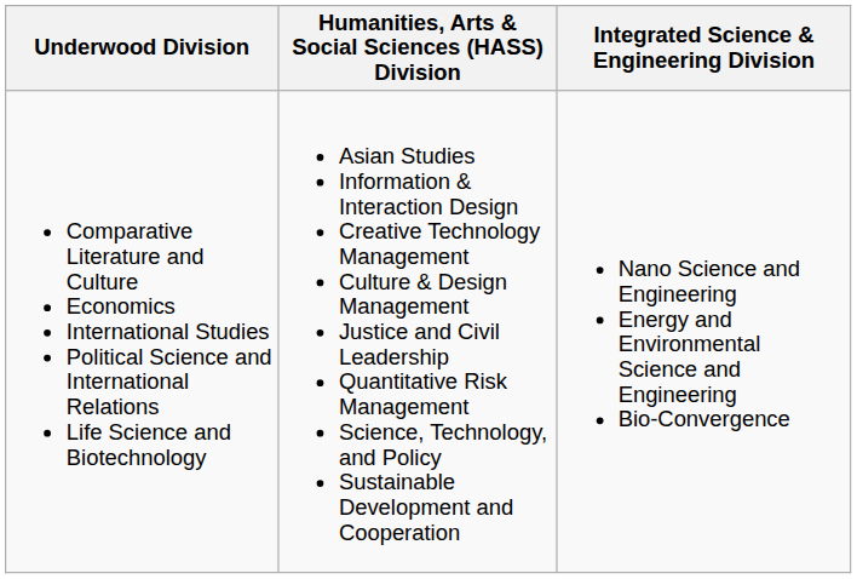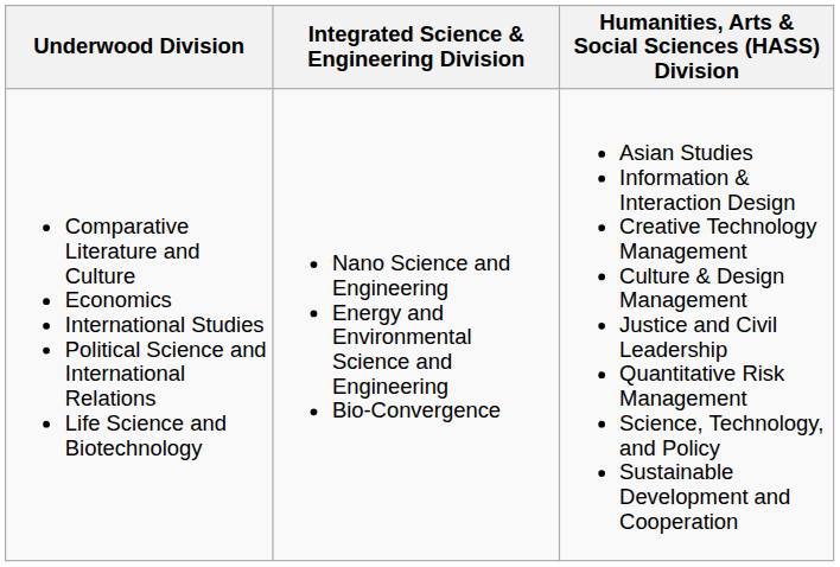 <table class="wikitable">
 <tr>
 <th>Underwood Division</th>
+<th>Integrated Science & Engineering Division</th>
 <th>Humanities, Arts & Social Sciences (HASS) Division</th>
-<th>Integrated Science & Engineering Division</th>
 </tr>
 <tr>
 <td><br><ul><li>Comparative Literature and Culture</li><li>Economics</li><li>International Studies</li><li>Political Science and International Relations</li><li>Life Science and Biotechnology</li></ul></td>
+<td><br><ul><li>Nano Science and Engineering</li><li>Energy and Environmental Science and Engineering</li><li>Bio-Convergence</li></ul></td>
 <td><br><ul><li>Asian Studies</li><li>Information & Interaction Design</li><li>Creative Technology Management</li><li>Culture & Design Management</li><li>Justice and Civil Leadership</li><li>Quantitative Risk Management</li><li>Science, Technology, and Policy</li><li>Sustainable Development and Cooperation</li></ul></td>
-<td><br><ul><li>Nano Science and Engineering</li><li>Energy and Environmental Science and Engineering</li><li>Bio-Convergence</li></ul></td>
 </tr>
 </table>
